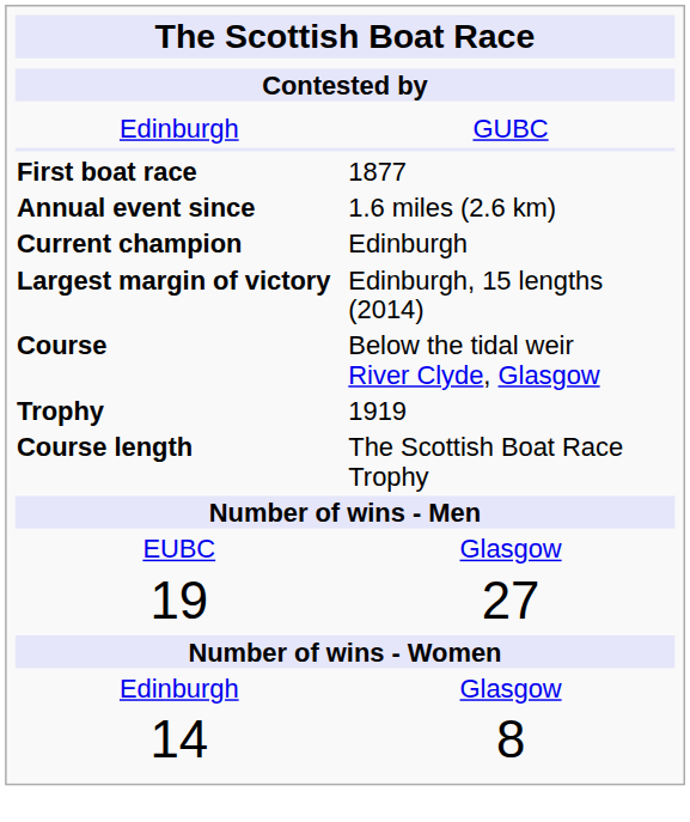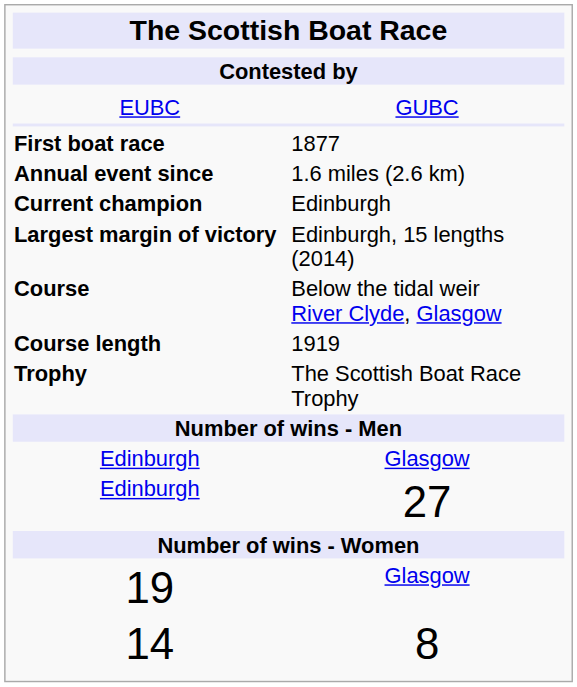 <table class="infobox" style="width: 26em; font-size: 95%;">
 <tr>
 <td colspan="2" style="text-align: center; font-size: 130%;background:lavender;"><strong>The Scottish Boat Race</strong><br><small></small></td>
 </tr>
 <tr>
 <td colspan="2" style="width:100%; vertical-align:middle; text-align:center;"></td>
 </tr>
 <tr>
 <td colspan="2" style="text-align: center; font-size: 100%; background:lavender;"><strong>Contested by</strong></td>
 </tr>
 <tr>
 <td style="width:50%; vertical-align:middle; text-align:center;"></td>
 <td style="width:50%; vertical-align:middle; text-align:center;"></td>
 </tr>
 <tr>
-<td style="text-align:center;"><a href='#'>Edinburgh</a></td>
+<td style="text-align:center;"><a href='#'>EUBC</a></td>
 <td style="text-align:center;"><a href='#'>GUBC</a></td>
 </tr>
 <tr>
 <td colspan="2" style="text-align: center; font-size: 100%; background:lavender;"></td>
 </tr>
 <tr>
 <td><strong>First boat race</strong></td>
 <td>1877</td>
 </tr>
 <tr>
 <td><strong>Annual event since</strong></td>
 <td>1.6 miles (2.6 km)</td>
 </tr>
 <tr>
 <td><strong>Current champion</strong></td>
 <td>Edinburgh</td>
 </tr>
 <tr>
 <td><strong>Largest margin of victory</strong></td>
 <td>Edinburgh, 15 lengths (2014)</td>
 </tr>
 <tr>
 <td><strong>Course</strong></td>
 <td>Below the tidal weir<br><a href='#'>River Clyde</a>, <a href='#'>Glasgow</a></td>
 </tr>
 <tr>
-<td><strong>Trophy</strong></td>
+<td><strong>Course length</strong></td>
 <td>1919</td>
 </tr>
 <tr>
-<td><strong>Course length</strong></td>
+<td><strong>Trophy</strong></td>
 <td>The Scottish Boat Race Trophy</td>
 </tr>
 <tr>
 <td colspan="2" style="text-align: center; font-size: 100%; background:lavender;"><strong>Number of wins - Men</strong></td>
 </tr>
 <tr>
-<td style="text-align:center;"><a href='#'>EUBC</a></td>
+<td style="text-align:center;"><a href='#'>Edinburgh</a></td>
 <td style="text-align:center;"><a href='#'>Glasgow</a></td>
 </tr>
 <tr>
-<td style="text-align:center;font-size: 200%;">19</td>
+<td style="text-align:center;"><a href='#'>Edinburgh</a></td>
 <td style="text-align:center;font-size: 200%;">27</td>
 </tr>
 <tr>
 <td colspan="2" style="text-align: center; font-size: 100%; background:lavender;"><strong>Number of wins - Women</strong></td>
 </tr>
 <tr>
-<td style="text-align:center;"><a href='#'>Edinburgh</a></td>
+<td style="text-align:center;font-size: 200%;">19</td>
 <td style="text-align:center;"><a href='#'>Glasgow</a></td>
 </tr>
 <tr>
 <td style="text-align:center;font-size: 200%;">14</td>
 <td style="text-align:center;font-size: 200%;">8</td>
 </tr>
 <tr>
 </tr>
 </table>
